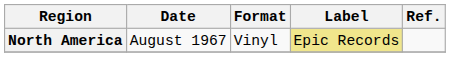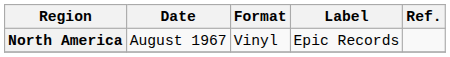 <table class="wikitable plainrowheaders">
 <tr>
 <th scope="col">Region</th>
 <th scope="col">Date</th>
 <th scope="col">Format</th>
 <th scope="col">Label</th>
 <th scope="col">Ref.</th>
 </tr>
 <tr>
 <th scope="row">North America</th>
 <td>August 1967</td>
 <td>Vinyl</td>
-<td style="background: khaki;">Epic Records</td>
+<td>Epic Records</td>
 <td></td>
 </tr>
 <tr>
 </tr>
 </table>
